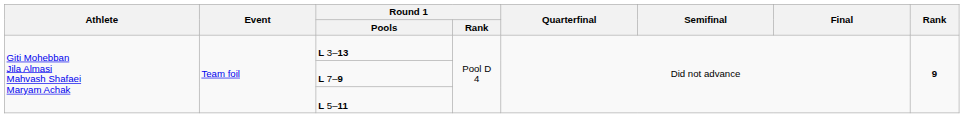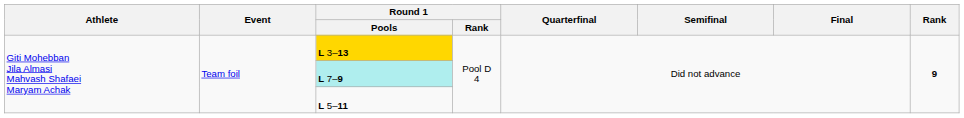 <table class="wikitable" width="90%" style="text-align:left; font-size:90%">
 <tr>
 <th rowspan="2" width="20%">Athlete</th>
 <th rowspan="2" width="12%">Event</th>
 <th colspan="2">Round 1</th>
 <th rowspan="2" width="14%">Quarterfinal</th>
 <th rowspan="2" width="14%">Semifinal</th>
 <th rowspan="2" width="14%">Final</th>
 <th rowspan="2" width="5%">Rank</th>
 </tr>
 <tr>
 <th width="14%">Pools</th>
 <th width="5%">Rank</th>
 </tr>
 <tr>
 <td rowspan="3"><a href='#'>Giti Mohebban</a><br><a href='#'>Jila Almasi</a><br><a href='#'>Mahvash Shafaei</a><br><a href='#'>Maryam Achak</a></td>
 <td rowspan="3"><a href='#'>Team foil</a></td>
-<td><br><strong>L</strong> 3–<strong>13</strong></td>
+<td style="background: gold;"><br><strong>L</strong> 3–<strong>13</strong></td>
 <td rowspan="3" align=center>Pool D<br>4</td>
 <td rowspan="3" colspan=3 align=center>Did not advance</td>
 <td rowspan="3" align="center"><strong>9</strong></td>
 </tr>
 <tr>
-<td><br><strong>L</strong> 7–<strong>9</strong></td>
+<td style="background: paleturquoise;"><br><strong>L</strong> 7–<strong>9</strong></td>
 </tr>
 <tr>
 <td><br><strong>L</strong> 5–<strong>11</strong></td>
 </tr>
 </table>
